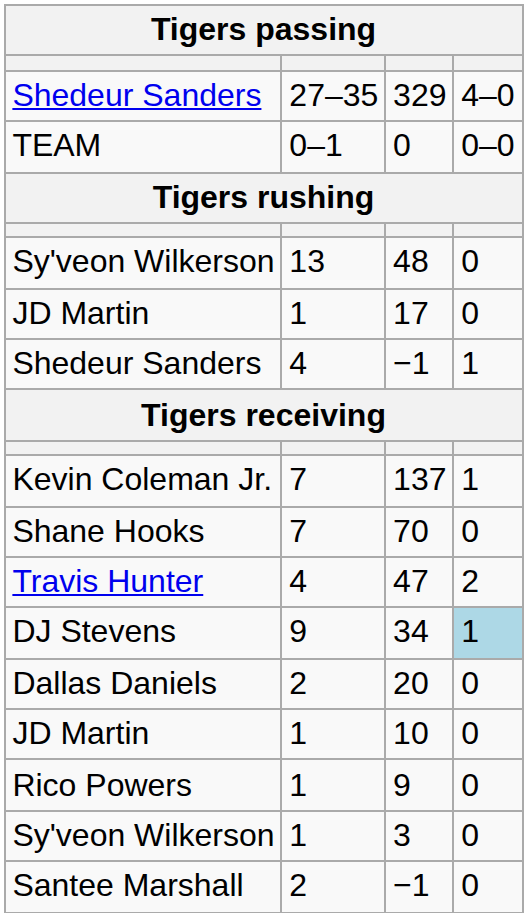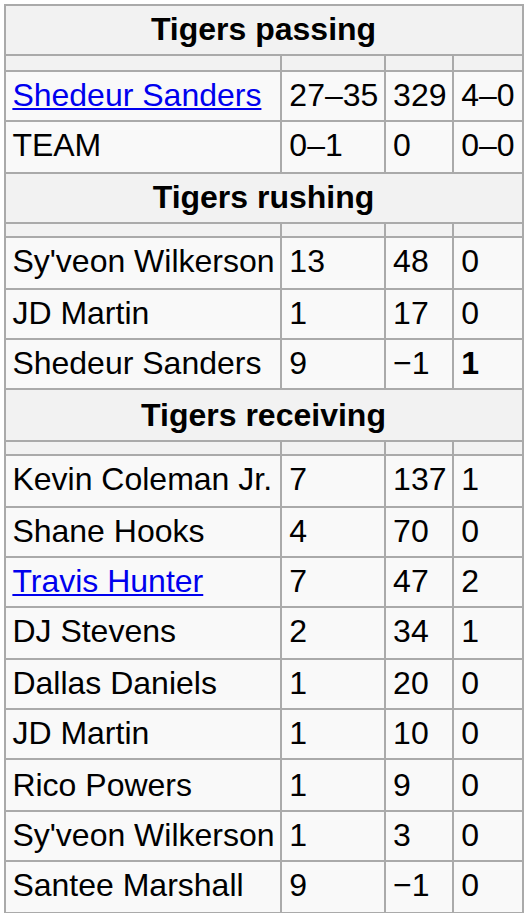 <table class="wikitable plainrowheaders">
 <tr>
 <th colspan="6">Tigers passing</th>
 </tr>
 <tr>
 <th scope="col"></th>
 <th scope="col"></th>
 <th scope="col"></th>
 <th scope="col"></th>
 </tr>
 <tr>
 <td><a href='#'>Shedeur Sanders</a></td>
 <td>27–35</td>
 <td>329</td>
 <td>4–0</td>
 </tr>
 <tr>
 <td>TEAM</td>
 <td>0–1</td>
 <td>0</td>
 <td>0–0</td>
 </tr>
 <tr>
 <th colspan="6">Tigers rushing</th>
 </tr>
 <tr>
 <th scope="col"></th>
 <th scope="col"></th>
 <th scope="col"></th>
 <th scope="col"></th>
 </tr>
 <tr>
 <td>Sy'veon Wilkerson</td>
 <td>13</td>
 <td>48</td>
 <td>0</td>
 </tr>
 <tr>
 <td>JD Martin</td>
 <td>1</td>
 <td>17</td>
 <td>0</td>
 </tr>
 <tr>
 <td>Shedeur Sanders</td>
-<td>4</td>
+<td>9</td>
 <td>−1</td>
-<td>1</td>
+<td><strong>1</strong></td>
 </tr>
 <tr>
 <th colspan="6">Tigers receiving</th>
 </tr>
 <tr>
 </tr>
 <tr>
 <th scope="col"></th>
 <th scope="col"></th>
 <th scope="col"></th>
 <th scope="col"></th>
 </tr>
 <tr>
 <td>Kevin Coleman Jr.</td>
 <td>7</td>
 <td>137</td>
 <td>1</td>
 </tr>
 <tr>
 <td>Shane Hooks</td>
-<td>7</td>
+<td>4</td>
 <td>70</td>
 <td>0</td>
 </tr>
 <tr>
 <td><a href='#'>Travis Hunter</a></td>
-<td>4</td>
+<td>7</td>
 <td>47</td>
 <td>2</td>
 </tr>
 <tr>
 <td>DJ Stevens</td>
-<td>9</td>
+<td>2</td>
 <td>34</td>
-<td style="background: lightblue;">1</td>
+<td>1</td>
 </tr>
 <tr>
 <td>Dallas Daniels</td>
-<td>2</td>
+<td>1</td>
 <td>20</td>
 <td>0</td>
 </tr>
 <tr>
 <td>JD Martin</td>
 <td>1</td>
 <td>10</td>
 <td>0</td>
 </tr>
 <tr>
 <td>Rico Powers</td>
 <td>1</td>
 <td>9</td>
 <td>0</td>
 </tr>
 <tr>
 <td>Sy'veon Wilkerson</td>
 <td>1</td>
 <td>3</td>
 <td>0</td>
 </tr>
 <tr>
 <td>Santee Marshall</td>
-<td>2</td>
+<td>9</td>
 <td>−1</td>
 <td>0</td>
 </tr>
 <tr>
 </tr>
 </table>
